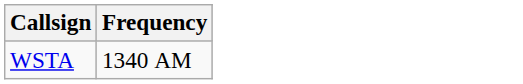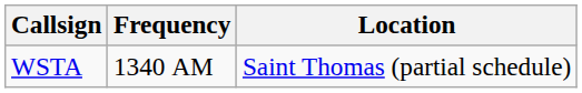 <table class="wikitable">
 <tr>
 <th>Callsign</th>
 <th>Frequency</th>
+<th>Location</th>
 </tr>
 <tr>
 <td><a href='#'>WSTA</a></td>
 <td>1340 AM</td>
+<td><a href='#'>Saint Thomas</a> (partial schedule)</td>
 </tr>
 </table>
